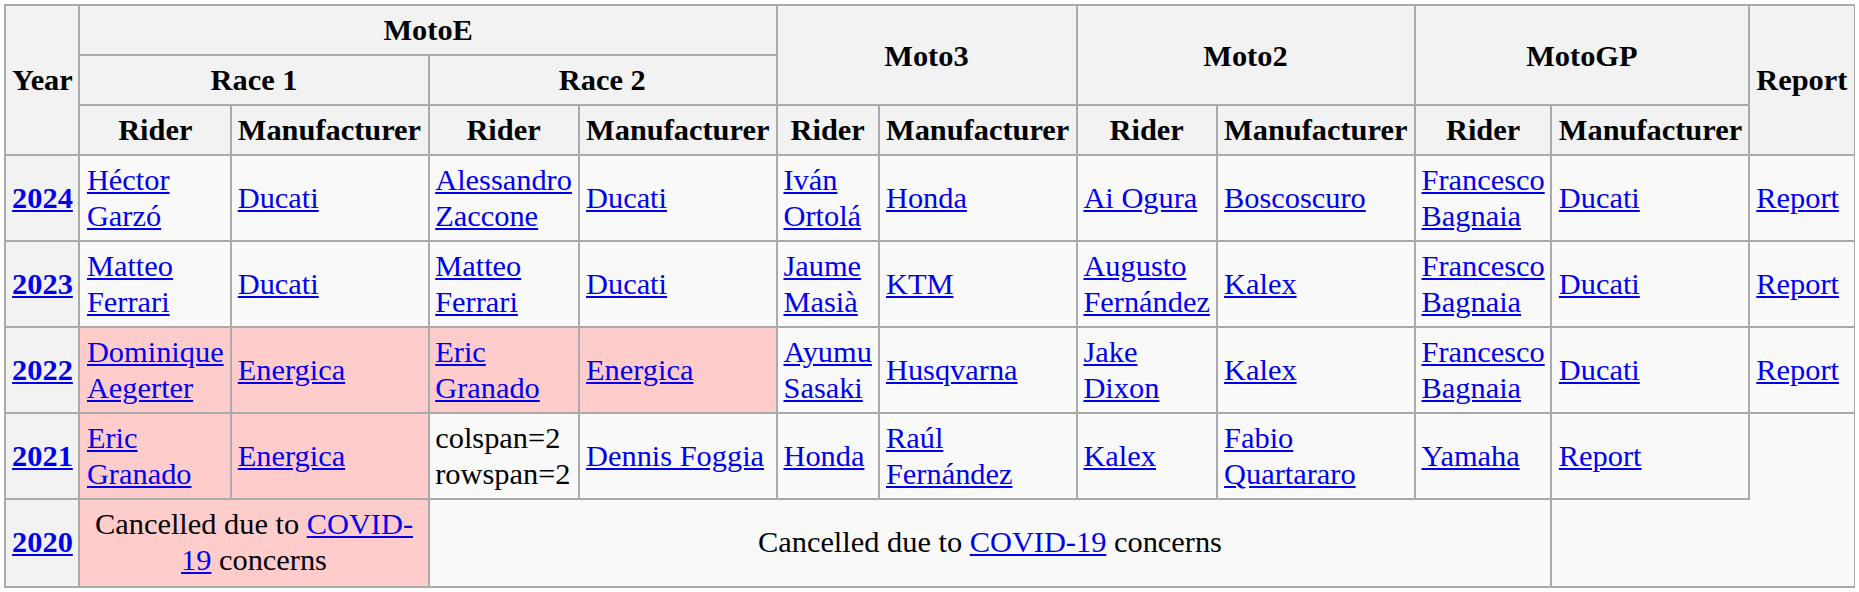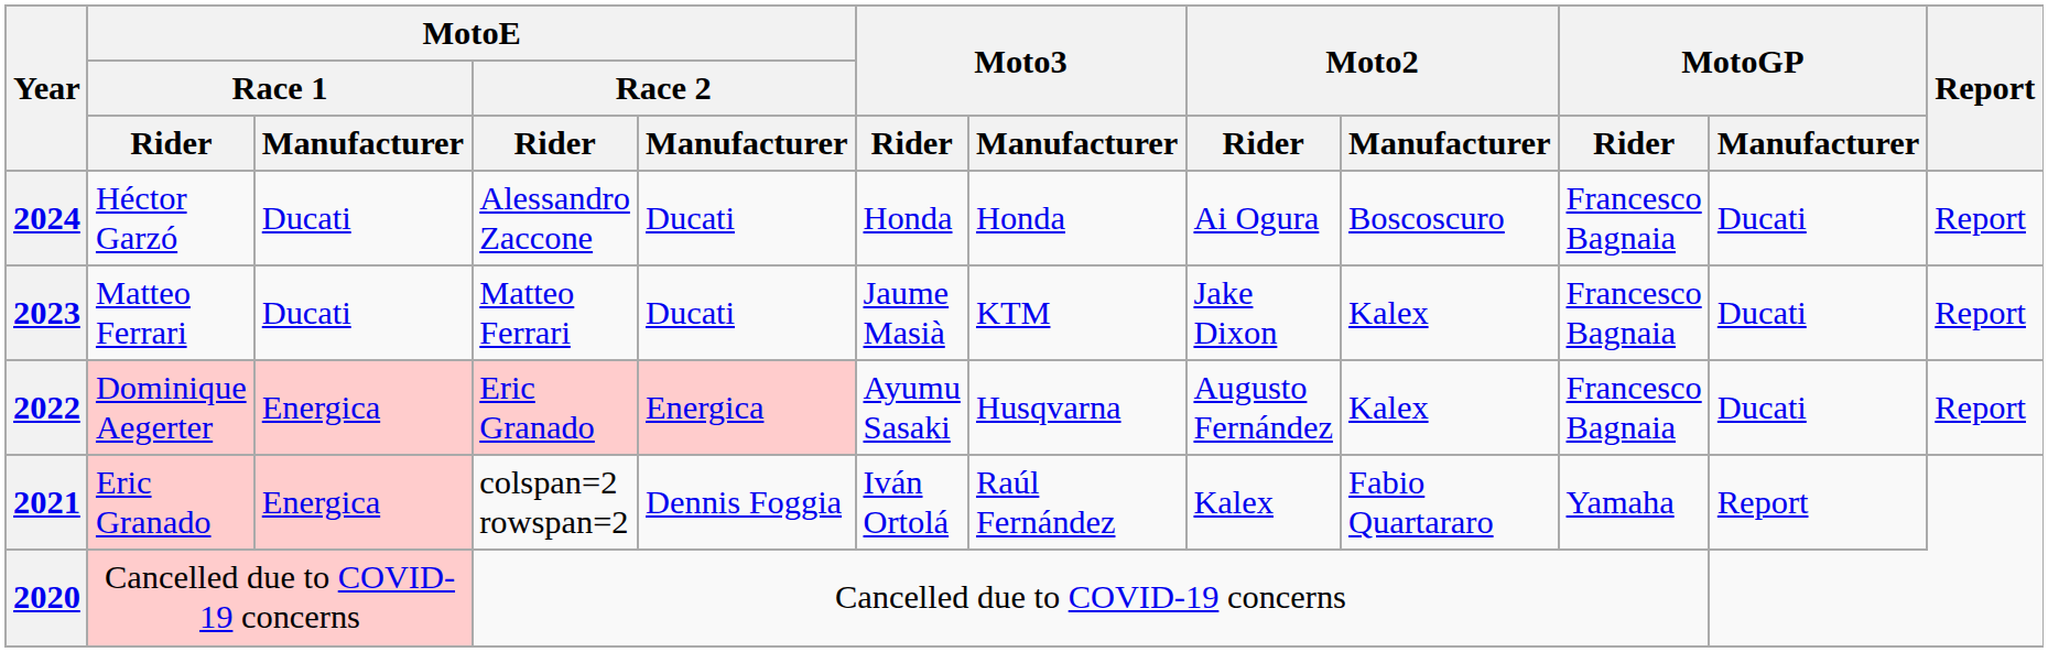 <table class="wikitable" style="font-size: 95%;">
 <tr>
 <th rowspan=3>Year</th>
 <th colspan=4>MotoE</th>
 <th colspan=2 rowspan=2>Moto3</th>
 <th colspan=2 rowspan=2>Moto2</th>
 <th colspan=2 rowspan=2>MotoGP</th>
 <th rowspan=3>Report</th>
 </tr>
 <tr>
 <th colspan=2>Race 1</th>
 <th colspan=2>Race 2</th>
 </tr>
 <tr>
 <th>Rider</th>
 <th>Manufacturer</th>
 <th>Rider</th>
 <th>Manufacturer</th>
 <th>Rider</th>
 <th>Manufacturer</th>
 <th>Rider</th>
 <th>Manufacturer</th>
 <th>Rider</th>
 <th>Manufacturer</th>
 </tr>
 <tr>
 <th><a href='#'>2024</a></th>
 <td> <a href='#'>Héctor Garzó</a></td>
 <td><a href='#'>Ducati</a></td>
 <td> <a href='#'>Alessandro Zaccone</a></td>
 <td><a href='#'>Ducati</a></td>
-<td> <a href='#'>Iván Ortolá</a></td>
+<td><a href='#'>Honda</a></td>
 <td><a href='#'>Honda</a></td>
 <td> <a href='#'>Ai Ogura</a></td>
 <td><a href='#'>Boscoscuro</a></td>
 <td> <a href='#'>Francesco Bagnaia</a></td>
 <td><a href='#'>Ducati</a></td>
 <td><a href='#'>Report</a></td>
 </tr>
 <tr>
 <th><a href='#'>2023</a></th>
 <td> <a href='#'>Matteo Ferrari</a></td>
 <td><a href='#'>Ducati</a></td>
 <td> <a href='#'>Matteo Ferrari</a></td>
 <td><a href='#'>Ducati</a></td>
 <td> <a href='#'>Jaume Masià</a></td>
 <td><a href='#'>KTM</a></td>
-<td> <a href='#'>Augusto Fernández</a></td>
+<td> <a href='#'>Jake Dixon</a></td>
 <td><a href='#'>Kalex</a></td>
 <td> <a href='#'>Francesco Bagnaia</a></td>
 <td><a href='#'>Ducati</a></td>
 <td><a href='#'>Report</a></td>
 </tr>
 <tr>
 <th><a href='#'>2022</a></th>
 <td style="background:#FFCCCC;"> <a href='#'>Dominique Aegerter</a></td>
 <td style="background:#FFCCCC;"><a href='#'>Energica</a></td>
 <td style="background:#FFCCCC;"> <a href='#'>Eric Granado</a></td>
 <td style="background:#FFCCCC;"><a href='#'>Energica</a></td>
 <td> <a href='#'>Ayumu Sasaki</a></td>
 <td><a href='#'>Husqvarna</a></td>
-<td> <a href='#'>Jake Dixon</a></td>
+<td> <a href='#'>Augusto Fernández</a></td>
 <td><a href='#'>Kalex</a></td>
 <td> <a href='#'>Francesco Bagnaia</a></td>
 <td><a href='#'>Ducati</a></td>
 <td><a href='#'>Report</a></td>
 </tr>
 <tr>
 <th><a href='#'>2021</a></th>
 <td style="background:#FFCCCC;"> <a href='#'>Eric Granado</a></td>
 <td style="background:#FFCCCC;"><a href='#'>Energica</a></td>
 <td>colspan=2 rowspan=2</td>
 <td> <a href='#'>Dennis Foggia</a></td>
-<td><a href='#'>Honda</a></td>
+<td> <a href='#'>Iván Ortolá</a></td>
 <td> <a href='#'>Raúl Fernández</a></td>
 <td><a href='#'>Kalex</a></td>
 <td> <a href='#'>Fabio Quartararo</a></td>
 <td><a href='#'>Yamaha</a></td>
 <td><a href='#'>Report</a></td>
 </tr>
 <tr>
 <th><a href='#'>2020</a></th>
 <td style="background:#FFCCCC;"align=center colspan=2>Cancelled due to <a href='#'>COVID-19</a> concerns</td>
 <td align=center colspan=7>Cancelled due to <a href='#'>COVID-19</a> concerns</td>
 </tr>
 </table>
